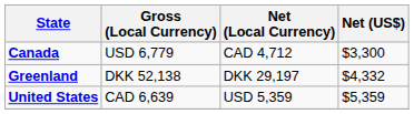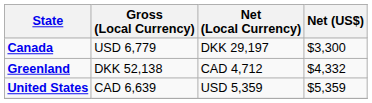 <table class="wikitable sortable" style="font-size:85%;">
 <tr style="background:#efefef;">
 <th><a href='#'>State</a></th>
 <th>Gross<br>(Local Currency)</th>
 <th>Net<br>(Local Currency)</th>
 <th>Net (US$)</th>
 </tr>
 <tr>
 <td> <strong><a href='#'>Canada</a></strong></td>
 <td>USD 6,779</td>
-<td>CAD 4,712</td>
+<td>DKK 29,197</td>
 <td>$3,300</td>
 </tr>
 <tr>
 <td> <strong><a href='#'>Greenland</a></strong></td>
 <td>DKK 52,138</td>
-<td>DKK 29,197</td>
+<td>CAD 4,712</td>
 <td>$4,332</td>
 </tr>
 <tr>
 <td> <strong><a href='#'>United States</a></strong></td>
 <td>CAD 6,639</td>
 <td>USD 5,359</td>
 <td>$5,359</td>
 </tr>
 <tr>
 </tr>
 </table>
